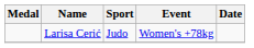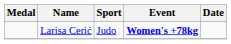 <table class="wikitable sortable" style="font-size: 95%">
 <tr>
 <th>Medal</th>
 <th>Name</th>
 <th>Sport</th>
 <th>Event</th>
 <th>Date</th>
 </tr>
 <tr>
 <td></td>
 <td><a href='#'>Larisa Cerić</a></td>
 <td><a href='#'>Judo</a></td>
-<td><a href='#'>Women's +78kg</a></td>
+<td><strong><a href='#'>Women's +78kg</a></strong></td>
 <td></td>
 </tr>
 <tr>
 </tr>
 </table>
